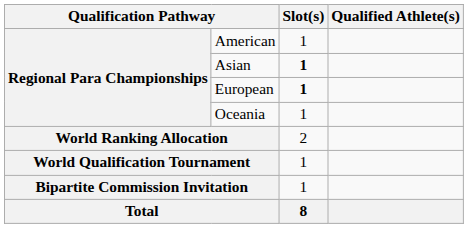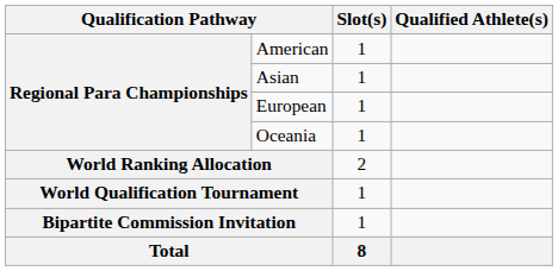 <table class="wikitable plainrowheaders">
 <tr>
 <th colspan="2">Qualification Pathway</th>
 <th>Slot(s)</th>
 <th>Qualified Athlete(s)</th>
 </tr>
 <tr>
 <th scope="row" rowspan="4">Regional Para Championships</th>
 <td>American</td>
 <td align="center">1</td>
 <td></td>
 </tr>
 <tr>
 <td>Asian</td>
-<td align="center"><strong>1</strong></td>
+<td align="center">1</td>
 <td></td>
 </tr>
 <tr>
 <td>European</td>
-<td align="center"><strong>1</strong></td>
+<td align="center">1</td>
 <td></td>
 </tr>
 <tr>
 <td>Oceania</td>
 <td align="center">1</td>
 <td></td>
 </tr>
 <tr>
 <th scope="row" colspan="2">World Ranking Allocation</th>
 <td align="center">2</td>
 <td><br></td>
 </tr>
 <tr>
 <th scope="row" colspan="2">World Qualification Tournament</th>
 <td align="center">1</td>
 <td></td>
 </tr>
 <tr>
 <th scope="row" colspan="2">Bipartite Commission Invitation</th>
 <td align="center">1</td>
 <td></td>
 </tr>
 <tr>
 <th scope="row" colspan="2">Total</th>
 <th>8</th>
 <th></th>
 </tr>
 </table>
